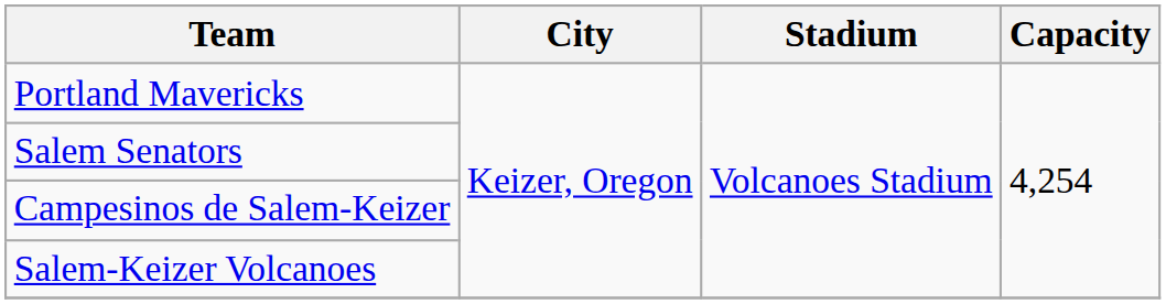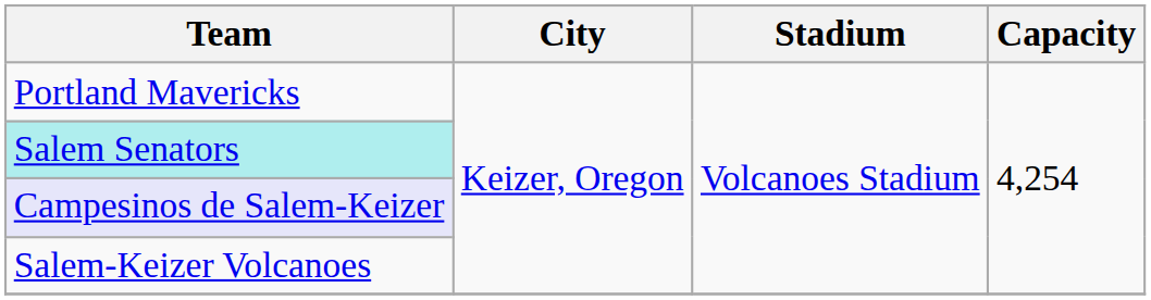 <table class="wikitable sortable">
 <tr>
 <th>Team</th>
 <th>City</th>
 <th>Stadium</th>
 <th>Capacity</th>
 </tr>
 <tr>
 <td><a href='#'>Portland Mavericks</a></td>
 <td rowspan="4"><a href='#'>Keizer, Oregon</a></td>
 <td rowspan="4"><a href='#'>Volcanoes Stadium</a></td>
 <td rowspan="4">4,254</td>
 </tr>
 <tr>
-<td><a href='#'>Salem Senators</a></td>
+<td style="background: paleturquoise;"><a href='#'>Salem Senators</a></td>
 </tr>
 <tr>
-<td><a href='#'>Campesinos de Salem-Keizer</a></td>
+<td style="background: lavender;"><a href='#'>Campesinos de Salem-Keizer</a></td>
 </tr>
 <tr>
 <td><a href='#'>Salem-Keizer Volcanoes</a></td>
 </tr>
 <tr>
 </tr>
 </table>
